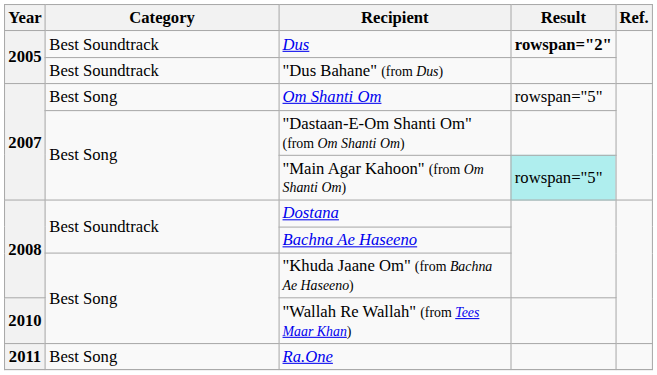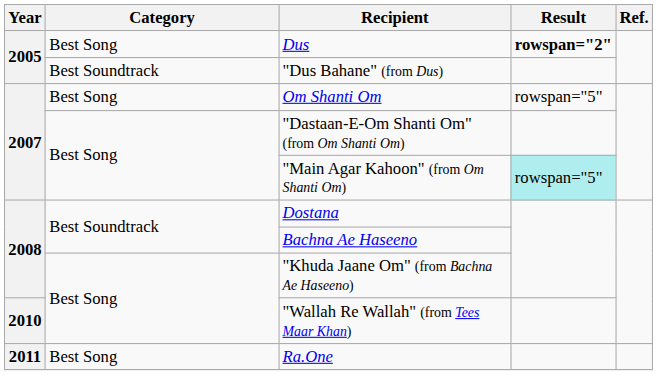 <table class="wikitable plainrowheaders" width="100%" "textcolor:#000;">
 <tr>
 <th scope="col" width=5%>Year</th>
 <th scope="col" width=39%>Category</th>
 <th scope="col" width=39%>Recipient</th>
 <th scope="col" width=15%>Result</th>
 <th scope="col" width=2%>Ref.</th>
 </tr>
 <tr>
 <th scope="row" rowspan="2">2005</th>
-<td>Best Soundtrack</td>
+<td>Best Song</td>
 <td><em><a href='#'>Dus</a></em></td>
 <td><strong>rowspan="2" </strong></td>
 <td rowspan="2"></td>
 </tr>
 <tr>
 <td>Best Soundtrack</td>
 <td>"Dus Bahane" <small>(from <em>Dus</em>)</small></td>
 </tr>
 <tr>
 <th scope="row" rowspan="3">2007</th>
 <td>Best Song</td>
 <td><em><a href='#'>Om Shanti Om</a></em></td>
 <td>rowspan="5" </td>
 <td rowspan="3"></td>
 </tr>
 <tr>
 <td rowspan="2">Best Song</td>
 <td>"Dastaan-E-Om Shanti Om" <small>(from <em>Om Shanti Om</em>)</small></td>
 </tr>
 <tr>
 <td>"Main Agar Kahoon" <small>(from <em>Om Shanti Om</em>)</small></td>
 <td style="background: paleturquoise;">rowspan="5" </td>
 </tr>
 <tr>
 <th scope="row" rowspan="3">2008</th>
 <td rowspan="2">Best Soundtrack</td>
 <td><em><a href='#'>Dostana</a></em></td>
 <td rowspan="3"></td>
 </tr>
 <tr>
 <td><em><a href='#'>Bachna Ae Haseeno</a></em></td>
 </tr>
 <tr>
 <td rowspan="2">Best Song</td>
 <td>"Khuda Jaane Om" <small>(from <em>Bachna Ae Haseeno</em>)</small></td>
 </tr>
 <tr>
 <th scope="row">2010</th>
 <td>"Wallah Re Wallah" <small>(from <em><a href='#'>Tees Maar Khan</a></em>)</small></td>
 <td></td>
 </tr>
 <tr>
 <th scope="row">2011</th>
 <td>Best Song</td>
 <td><em><a href='#'>Ra.One</a></em></td>
 <td></td>
 <td></td>
 </tr>
 <tr>
 </tr>
 </table>
